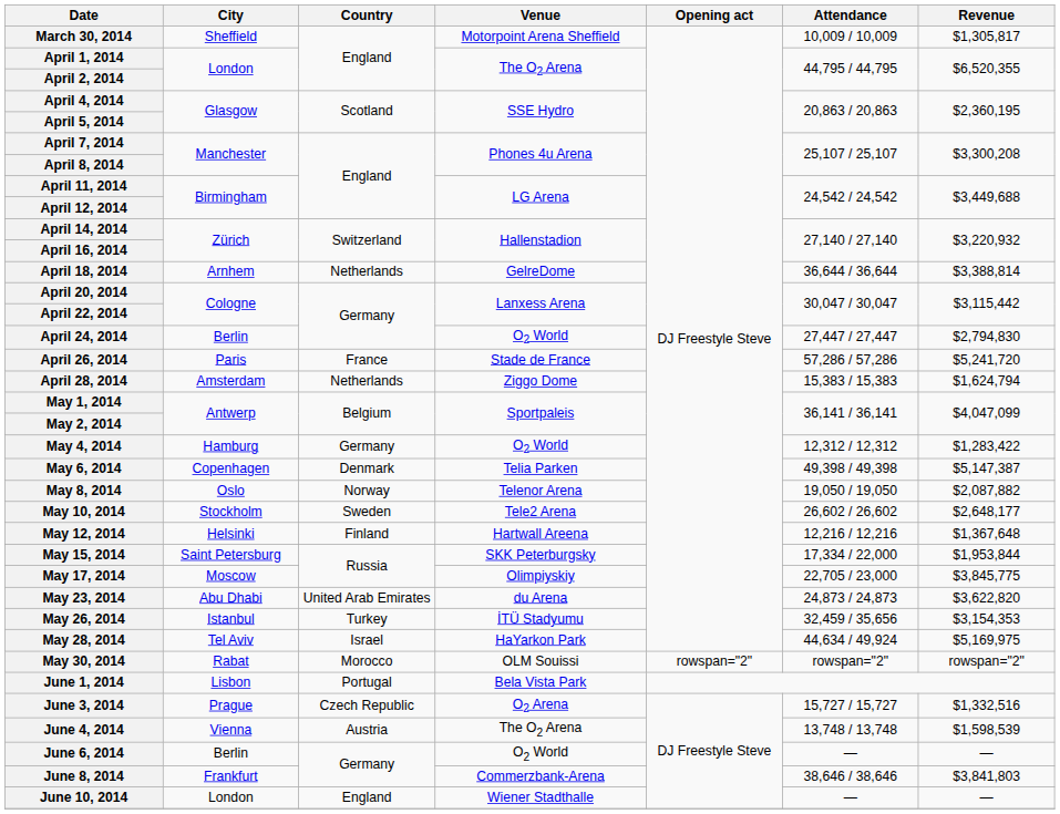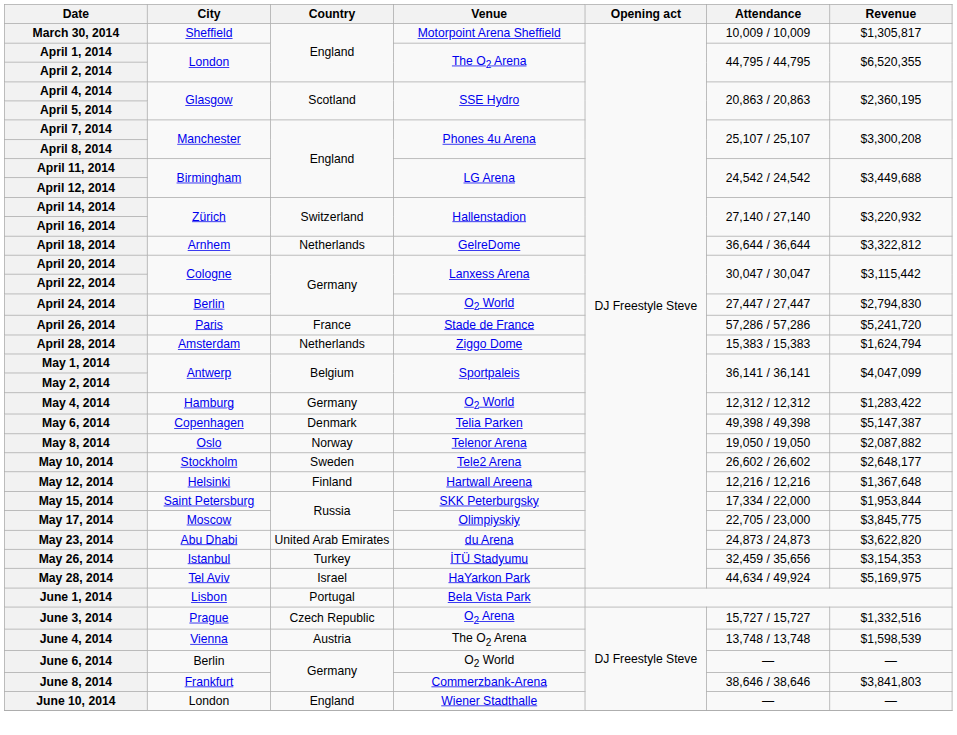 <table class="wikitable plainrowheaders" style="text-align:center;">
 <tr>
 <th scope="col" style="width:12em;">Date</th>
 <th scope="col" style="width:10em;">City</th>
 <th scope="col" style="width:10em;">Country</th>
 <th scope="col" style="width:16em;">Venue</th>
 <th scope="col" style="width:10em;">Opening act</th>
 <th scope="col" style="width:10em;">Attendance</th>
 <th scope="col" style="width:10em;">Revenue</th>
 </tr>
 <tr>
 <th scope="row">March 30, 2014</th>
 <td><a href='#'>Sheffield</a></td>
 <td rowspan="3">England</td>
 <td><a href='#'>Motorpoint Arena Sheffield</a></td>
 <td rowspan="29">DJ Freestyle Steve</td>
 <td>10,009 / 10,009</td>
 <td>$1,305,817</td>
 </tr>
 <tr>
 <th scope="row">April 1, 2014</th>
 <td rowspan="2"><a href='#'>London</a></td>
 <td rowspan="2"><a href='#'>The O<sub>2</sub> Arena</a></td>
 <td rowspan="2">44,795 / 44,795</td>
 <td rowspan="2">$6,520,355</td>
 </tr>
 <tr>
 <th scope="row">April 2, 2014</th>
 </tr>
 <tr>
 <th scope="row">April 4, 2014</th>
 <td rowspan="2"><a href='#'>Glasgow</a></td>
 <td rowspan="2">Scotland</td>
 <td rowspan="2"><a href='#'>SSE Hydro</a></td>
 <td rowspan="2">20,863 / 20,863</td>
 <td rowspan="2">$2,360,195</td>
 </tr>
 <tr>
 <th scope="row">April 5, 2014</th>
 </tr>
 <tr>
 <th scope="row">April 7, 2014</th>
 <td rowspan="2"><a href='#'>Manchester</a></td>
 <td rowspan="4">England</td>
 <td rowspan="2"><a href='#'>Phones 4u Arena</a></td>
 <td rowspan="2">25,107 / 25,107</td>
 <td rowspan="2">$3,300,208</td>
 </tr>
 <tr>
 <th scope="row">April 8, 2014</th>
 </tr>
 <tr>
 <th scope="row">April 11, 2014</th>
 <td rowspan="2"><a href='#'>Birmingham</a></td>
 <td rowspan="2"><a href='#'>LG Arena</a></td>
 <td rowspan="2">24,542 / 24,542</td>
 <td rowspan="2">$3,449,688</td>
 </tr>
 <tr>
 <th scope="row">April 12, 2014</th>
 </tr>
 <tr>
 <th scope="row">April 14, 2014</th>
 <td rowspan="2"><a href='#'>Zürich</a></td>
 <td rowspan="2">Switzerland</td>
 <td rowspan="2"><a href='#'>Hallenstadion</a></td>
 <td rowspan="2">27,140 / 27,140</td>
 <td rowspan="2">$3,220,932</td>
 </tr>
 <tr>
 <th scope="row">April 16, 2014</th>
 </tr>
 <tr>
 <th scope="row">April 18, 2014</th>
 <td><a href='#'>Arnhem</a></td>
 <td>Netherlands</td>
 <td><a href='#'>GelreDome</a></td>
 <td>36,644 / 36,644</td>
-<td>$3,388,814</td>
+<td>$3,322,812</td>
 </tr>
 <tr>
 <th scope="row">April 20, 2014</th>
 <td rowspan="2"><a href='#'>Cologne</a></td>
 <td rowspan="3">Germany</td>
 <td rowspan="2"><a href='#'>Lanxess Arena</a></td>
 <td rowspan="2">30,047 / 30,047</td>
 <td rowspan="2">$3,115,442</td>
 </tr>
 <tr>
 <th scope="row">April 22, 2014</th>
 </tr>
 <tr>
 <th scope="row">April 24, 2014</th>
 <td><a href='#'>Berlin</a></td>
 <td><a href='#'>O<sub>2</sub> World</a></td>
 <td>27,447 / 27,447</td>
 <td>$2,794,830</td>
 </tr>
 <tr>
 <th scope="row">April 26, 2014</th>
 <td><a href='#'>Paris</a></td>
 <td>France</td>
 <td><a href='#'>Stade de France</a></td>
 <td>57,286 / 57,286</td>
 <td>$5,241,720</td>
 </tr>
 <tr>
 <th scope="row">April 28, 2014</th>
 <td><a href='#'>Amsterdam</a></td>
 <td>Netherlands</td>
 <td><a href='#'>Ziggo Dome</a></td>
 <td>15,383 / 15,383</td>
 <td>$1,624,794</td>
 </tr>
 <tr>
 <th scope="row">May 1, 2014</th>
 <td rowspan="2"><a href='#'>Antwerp</a></td>
 <td rowspan="2">Belgium</td>
 <td rowspan="2"><a href='#'>Sportpaleis</a></td>
 <td rowspan="2">36,141 / 36,141</td>
 <td rowspan="2">$4,047,099</td>
 </tr>
 <tr>
 <th scope="row">May 2, 2014</th>
 </tr>
 <tr>
 <th scope="row">May 4, 2014</th>
 <td><a href='#'>Hamburg</a></td>
 <td>Germany</td>
 <td><a href='#'>O<sub>2</sub> World</a></td>
 <td>12,312 / 12,312</td>
 <td>$1,283,422</td>
 </tr>
 <tr>
 <th scope="row">May 6, 2014</th>
 <td><a href='#'>Copenhagen</a></td>
 <td>Denmark</td>
 <td><a href='#'>Telia Parken</a></td>
 <td>49,398 / 49,398</td>
 <td>$5,147,387</td>
 </tr>
 <tr>
 <th scope="row">May 8, 2014</th>
 <td><a href='#'>Oslo</a></td>
 <td>Norway</td>
 <td><a href='#'>Telenor Arena</a></td>
 <td>19,050 / 19,050</td>
 <td>$2,087,882</td>
 </tr>
 <tr>
 <th scope="row">May 10, 2014</th>
 <td><a href='#'>Stockholm</a></td>
 <td>Sweden</td>
 <td><a href='#'>Tele2 Arena</a></td>
 <td>26,602 / 26,602</td>
 <td>$2,648,177</td>
 </tr>
 <tr>
 <th scope="row">May 12, 2014</th>
 <td><a href='#'>Helsinki</a></td>
 <td>Finland</td>
 <td><a href='#'>Hartwall Areena</a></td>
 <td>12,216 / 12,216</td>
 <td>$1,367,648</td>
 </tr>
 <tr>
 <th scope="row">May 15, 2014</th>
 <td><a href='#'>Saint Petersburg</a></td>
 <td rowspan="2">Russia</td>
 <td><a href='#'>SKK Peterburgsky</a></td>
 <td>17,334 / 22,000</td>
 <td>$1,953,844</td>
 </tr>
 <tr>
 <th scope="row">May 17, 2014</th>
 <td><a href='#'>Moscow</a></td>
 <td><a href='#'>Olimpiyskiy</a></td>
 <td>22,705 / 23,000</td>
 <td>$3,845,775</td>
 </tr>
 <tr>
 <th scope="row">May 23, 2014</th>
 <td><a href='#'>Abu Dhabi</a></td>
 <td>United Arab Emirates</td>
 <td><a href='#'>du Arena</a></td>
 <td>24,873 / 24,873</td>
 <td>$3,622,820</td>
 </tr>
 <tr>
 <th scope="row">May 26, 2014</th>
 <td><a href='#'>Istanbul</a></td>
 <td>Turkey</td>
 <td><a href='#'>İTÜ Stadyumu</a></td>
 <td>32,459 / 35,656</td>
 <td>$3,154,353</td>
 </tr>
 <tr>
 <th scope="row">May 28, 2014</th>
 <td><a href='#'>Tel Aviv</a></td>
 <td>Israel</td>
 <td><a href='#'>HaYarkon Park</a></td>
 <td>44,634 / 49,924</td>
 <td>$5,169,975</td>
 </tr>
 <tr>
-<th scope="row">May 30, 2014</th>
-<td><a href='#'>Rabat</a></td>
-<td>Morocco</td>
-<td>OLM Souissi</td>
-<td>rowspan="2" </td>
-<td>rowspan="2" </td>
-<td>rowspan="2" </td>
-</tr>
-<tr>
 <th scope="row">June 1, 2014</th>
 <td><a href='#'>Lisbon</a></td>
 <td>Portugal</td>
 <td><a href='#'>Bela Vista Park</a></td>
 </tr>
 <tr>
 <th scope="row">June 3, 2014</th>
 <td><a href='#'>Prague</a></td>
 <td>Czech Republic</td>
 <td><a href='#'>O<sub>2</sub> Arena</a></td>
 <td rowspan="5">DJ Freestyle Steve</td>
 <td>15,727 / 15,727</td>
 <td>$1,332,516</td>
 </tr>
 <tr>
 <th scope="row">June 4, 2014</th>
 <td><a href='#'>Vienna</a></td>
 <td>Austria</td>
 <td>The O<sub>2</sub> Arena</td>
 <td>13,748 / 13,748</td>
 <td>$1,598,539</td>
 </tr>
 <tr>
 <th scope="row">June 6, 2014</th>
 <td>Berlin</td>
 <td rowspan="2">Germany</td>
 <td>O<sub>2</sub> World</td>
 <td>—</td>
 <td>—</td>
 </tr>
 <tr>
 <th scope="row">June 8, 2014</th>
 <td><a href='#'>Frankfurt</a></td>
 <td><a href='#'>Commerzbank-Arena</a></td>
 <td>38,646 / 38,646</td>
 <td>$3,841,803</td>
 </tr>
 <tr>
 <th scope="row">June 10, 2014</th>
 <td>London</td>
 <td>England</td>
 <td><a href='#'>Wiener Stadthalle</a></td>
 <td>—</td>
 <td>—</td>
 </tr>
 <tr>
 </tr>
 </table>
